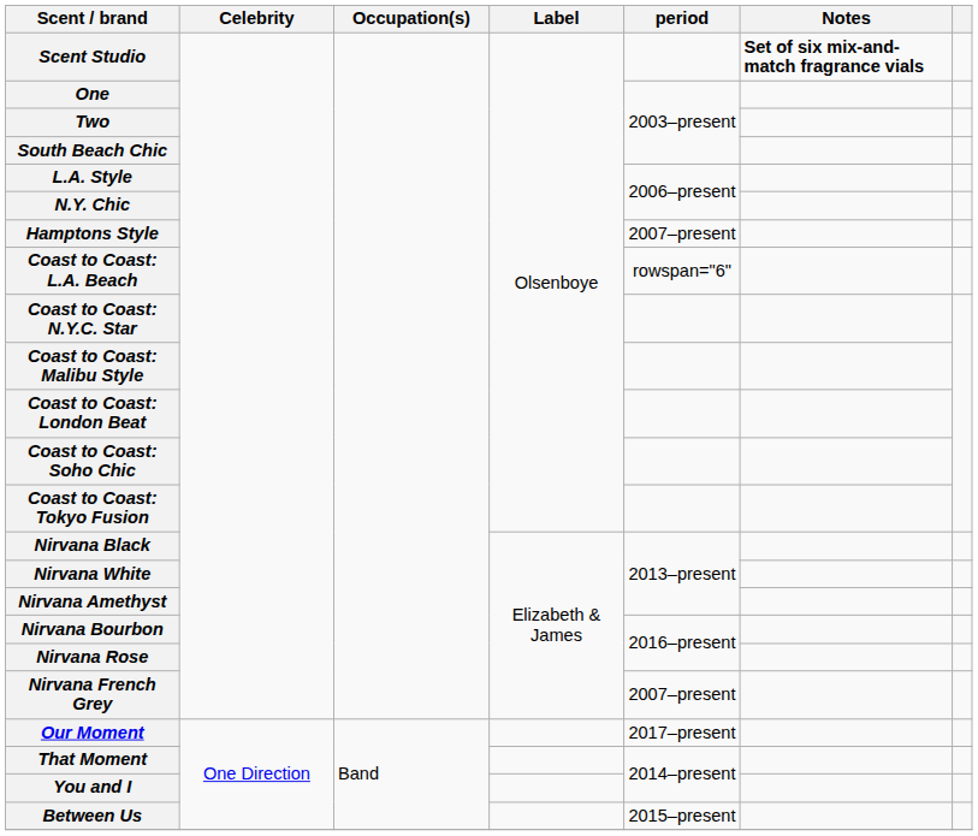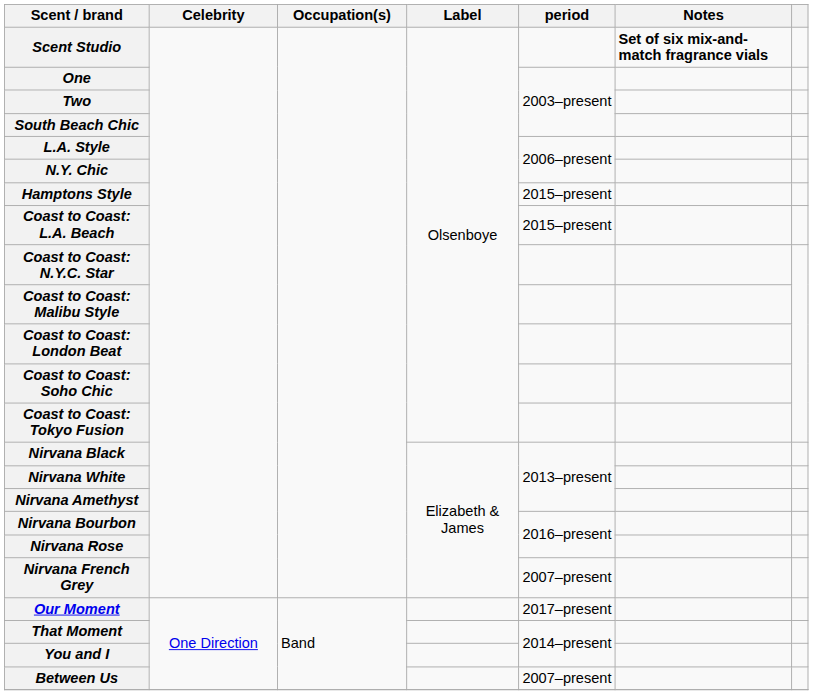 <table class="wikitable sortable plainrowheaders" font-size:95%; style="text-align:center;" width="100%;">
 <tr>
 <th scope="col" width="18%">Scent / brand</th>
 <th scope="col" width:"16%">Celebrity</th>
 <th scope="col" width="16%">Occupation(s)</th>
 <th scope="col" width="14%">Label</th>
 <th scope="col" width="12%"> period</th>
 <th scope="col" width="22%;" class="unsortable">Notes</th>
 <th scope="col" width="2%;" class="unsortable"></th>
 </tr>
 <tr>
 <th scope="row"><em>Scent Studio</em></th>
 <td rowspan="19"></td>
 <td rowspan="19"></td>
 <td rowspan="13">Olsenboye</td>
 <td></td>
 <td style="text-align:left;"><strong>Set of six mix-and-match fragrance vials</strong></td>
 <td></td>
 </tr>
 <tr>
 <th scope="row"><em>One</em></th>
 <td rowspan="3">2003–present</td>
 <td style="text-align:left;"></td>
 <td></td>
 </tr>
 <tr>
 <th scope="row"><em>Two</em></th>
 <td style="text-align:left;"></td>
 <td></td>
 </tr>
 <tr>
 <th scope="row"><em>South Beach Chic</em></th>
 <td style="text-align:left;"></td>
 <td></td>
 </tr>
 <tr>
 <th scope="row"><em>L.A. Style</em></th>
 <td rowspan="2">2006–present</td>
 <td style="text-align:left;"></td>
 <td></td>
 </tr>
 <tr>
 <th scope="row"><em>N.Y. Chic</em></th>
 <td style="text-align:left;"></td>
 <td></td>
 </tr>
 <tr>
 <th scope="row"><em>Hamptons Style</em></th>
-<td>2007–present</td>
+<td>2015–present</td>
 <td style="text-align:left;"></td>
 <td></td>
 </tr>
 <tr>
 <th scope="row"><em>Coast to Coast: L.A. Beach</em></th>
-<td>rowspan="6" </td>
+<td>2015–present</td>
 <td style="text-align:left;"></td>
 <td></td>
 </tr>
 <tr>
 <th scope="row"><em>Coast to Coast: N.Y.C. Star</em></th>
 <td style="text-align:left;"></td>
 <td></td>
 </tr>
 <tr>
 <th scope="row"><em>Coast to Coast: Malibu Style</em></th>
 <td style="text-align:left;"></td>
 <td></td>
 </tr>
 <tr>
 <th scope="row"><em>Coast to Coast: London Beat</em></th>
 <td style="text-align:left;"></td>
 <td></td>
 </tr>
 <tr>
 <th scope="row"><em>Coast to Coast: Soho Chic</em></th>
 <td style="text-align:left;"></td>
 <td></td>
 </tr>
 <tr>
 <th scope="row"><em>Coast to Coast: Tokyo Fusion</em></th>
 <td style="text-align:left;"></td>
 <td></td>
 </tr>
 <tr>
 <th scope="row"><em>Nirvana Black</em></th>
 <td rowspan="6">Elizabeth & James</td>
 <td rowspan="3">2013–present</td>
 <td style="text-align:left;"></td>
 <td></td>
 </tr>
 <tr>
 <th scope="row"><em>Nirvana White</em></th>
 <td style="text-align:left;"></td>
 <td></td>
 </tr>
 <tr>
 <th scope="row"><em>Nirvana Amethyst</em></th>
 <td style="text-align:left;"></td>
 <td></td>
 </tr>
 <tr>
 <th scope="row"><em>Nirvana Bourbon</em></th>
 <td rowspan="2">2016–present</td>
 <td style="text-align:left;"></td>
 <td></td>
 </tr>
 <tr>
 <th scope="row"><em>Nirvana Rose</em></th>
 <td style="text-align:left;"></td>
 <td></td>
 </tr>
 <tr>
 <th scope="row"><em>Nirvana French Grey</em></th>
 <td>2007–present</td>
 <td style="text-align:left;"></td>
 <td></td>
 </tr>
 <tr>
 <th scope="row"><em><a href='#'>Our Moment</a></em></th>
 <td rowspan="4"><a href='#'>One Direction</a></td>
 <td rowspan="4" style="text-align:left;">Band</td>
 <td></td>
 <td>2017–present</td>
 <td style="text-align:left;"></td>
 <td></td>
 </tr>
 <tr>
 <th scope="row"><em>That Moment</em></th>
 <td></td>
 <td rowspan="2">2014–present</td>
 <td style="text-align:left;"></td>
 <td></td>
 </tr>
 <tr>
 <th scope="row"><em>You and I</em></th>
 <td></td>
 <td style="text-align:left;"></td>
 <td></td>
 </tr>
 <tr>
 <th scope="row"><em>Between Us</em></th>
 <td></td>
-<td>2015–present</td>
+<td>2007–present</td>
 <td style="text-align:left;"></td>
 <td></td>
 </tr>
 <tr>
 </tr>
 </table>
